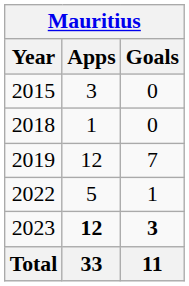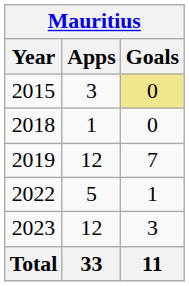 <table class="wikitable" style="text-align:center">
 <tr>
 <th colspan=3><a href='#'>Mauritius</a></th>
 </tr>
 <tr>
 <th>Year</th>
 <th>Apps</th>
 <th>Goals</th>
 </tr>
 <tr>
 <td>2015</td>
 <td>3</td>
-<td>0</td>
+<td style="background: khaki;">0</td>
 </tr>
 <tr>
 <td>2018</td>
 <td>1</td>
 <td>0</td>
 </tr>
 <tr>
 <td>2019</td>
 <td>12</td>
 <td>7</td>
 </tr>
 <tr>
 <td>2022</td>
 <td>5</td>
 <td>1</td>
 </tr>
 <tr>
 <td>2023</td>
-<td><strong>12</strong></td>
-<td><strong>3</strong></td>
+<td>12</td>
+<td>3</td>
 </tr>
 <tr>
 <th>Total</th>
 <th>33</th>
 <th>11</th>
 </tr>
 </table>
